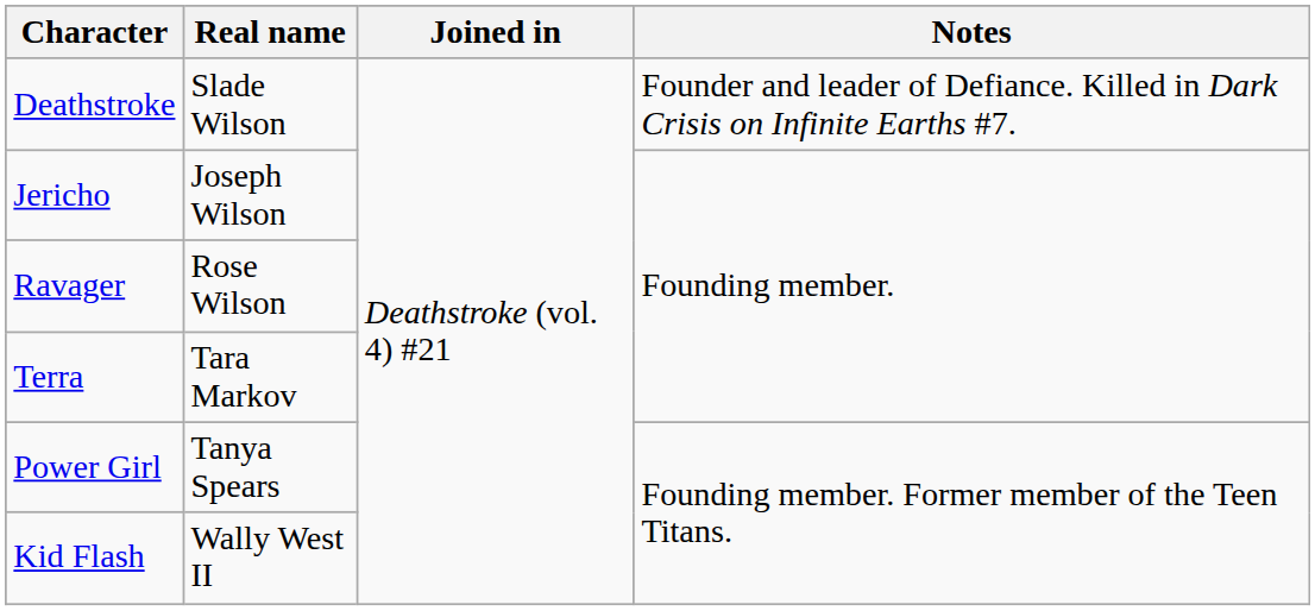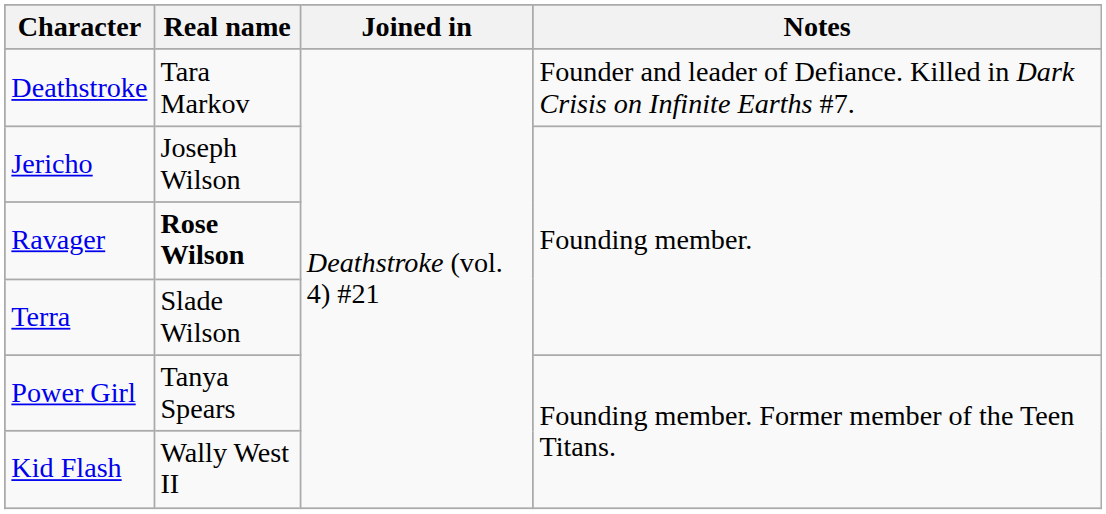 <table class="wikitable" width="100%">
 <tr>
 <th>Character</th>
 <th>Real name</th>
 <th>Joined in</th>
 <th>Notes</th>
 </tr>
 <tr>
 <td><a href='#'>Deathstroke</a></td>
-<td>Slade Wilson</td>
+<td>Tara Markov</td>
 <td rowspan="6"><em>Deathstroke</em> (vol. 4) #21</td>
 <td>Founder and leader of Defiance. Killed in <em>Dark Crisis on Infinite Earths</em> #7.</td>
 </tr>
 <tr>
 <td><a href='#'>Jericho</a></td>
 <td>Joseph Wilson</td>
 <td rowspan="3">Founding member.</td>
 </tr>
 <tr>
 <td><a href='#'>Ravager</a></td>
-<td>Rose Wilson</td>
+<td><strong>Rose Wilson</strong></td>
 </tr>
 <tr>
 <td><a href='#'>Terra</a></td>
-<td>Tara Markov</td>
+<td>Slade Wilson</td>
 </tr>
 <tr>
 <td><a href='#'>Power Girl</a></td>
 <td>Tanya Spears</td>
 <td rowspan="2">Founding member. Former member of the Teen Titans.</td>
 </tr>
 <tr>
 <td><a href='#'>Kid Flash</a></td>
 <td>Wally West II</td>
 </tr>
 </table>
